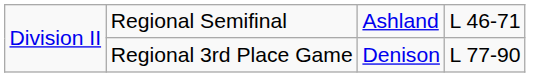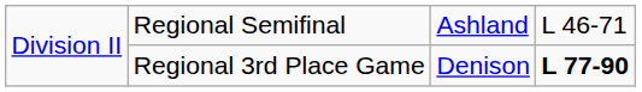 <table class="wikitable">
 <tr>
 <td rowspan="2"><a href='#'>Division II</a></td>
 <td>Regional Semifinal</td>
 <td><a href='#'>Ashland</a></td>
 <td>L 46-71</td>
 </tr>
 <tr>
 <td>Regional 3rd Place Game</td>
 <td><a href='#'>Denison</a></td>
-<td>L 77-90</td>
+<td><strong>L 77-90</strong></td>
 </tr>
 </table>
